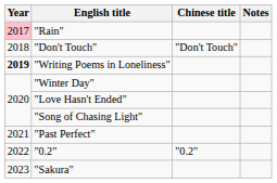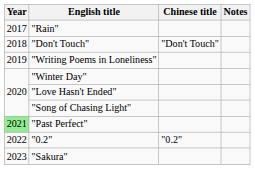 <table class="wikitable sortable">
 <tr>
 <th>Year</th>
 <th>English title</th>
 <th>Chinese title</th>
 <th class="unsortable">Notes</th>
 </tr>
 <tr>
-<td style="background: pink;">2017</td>
+<td>2017</td>
 <td>"Rain"</td>
 <td></td>
 <td></td>
 </tr>
 <tr>
 <td>2018</td>
 <td>"Don't Touch"</td>
 <td>"Don't Touch"</td>
 <td></td>
 </tr>
 <tr>
-<td><strong>2019</strong></td>
+<td>2019</td>
 <td>"Writing Poems in Loneliness"</td>
 <td></td>
 <td></td>
 </tr>
 <tr>
 <td rowspan=3>2020</td>
 <td>"Winter Day"</td>
 <td></td>
 <td></td>
 </tr>
 <tr>
 <td>"Love Hasn't Ended"</td>
 <td></td>
 <td></td>
 </tr>
 <tr>
 <td>"Song of Chasing Light"</td>
 <td></td>
 <td></td>
 </tr>
 <tr>
-<td>2021</td>
+<td style="background: lightgreen;">2021</td>
 <td>"Past Perfect"</td>
 <td></td>
 <td></td>
 </tr>
 <tr>
 <td>2022</td>
 <td>"0.2"</td>
 <td>"0.2"</td>
 <td></td>
 </tr>
 <tr>
 <td>2023</td>
 <td>"Sakura"</td>
 <td></td>
 <td></td>
 </tr>
 </table>
